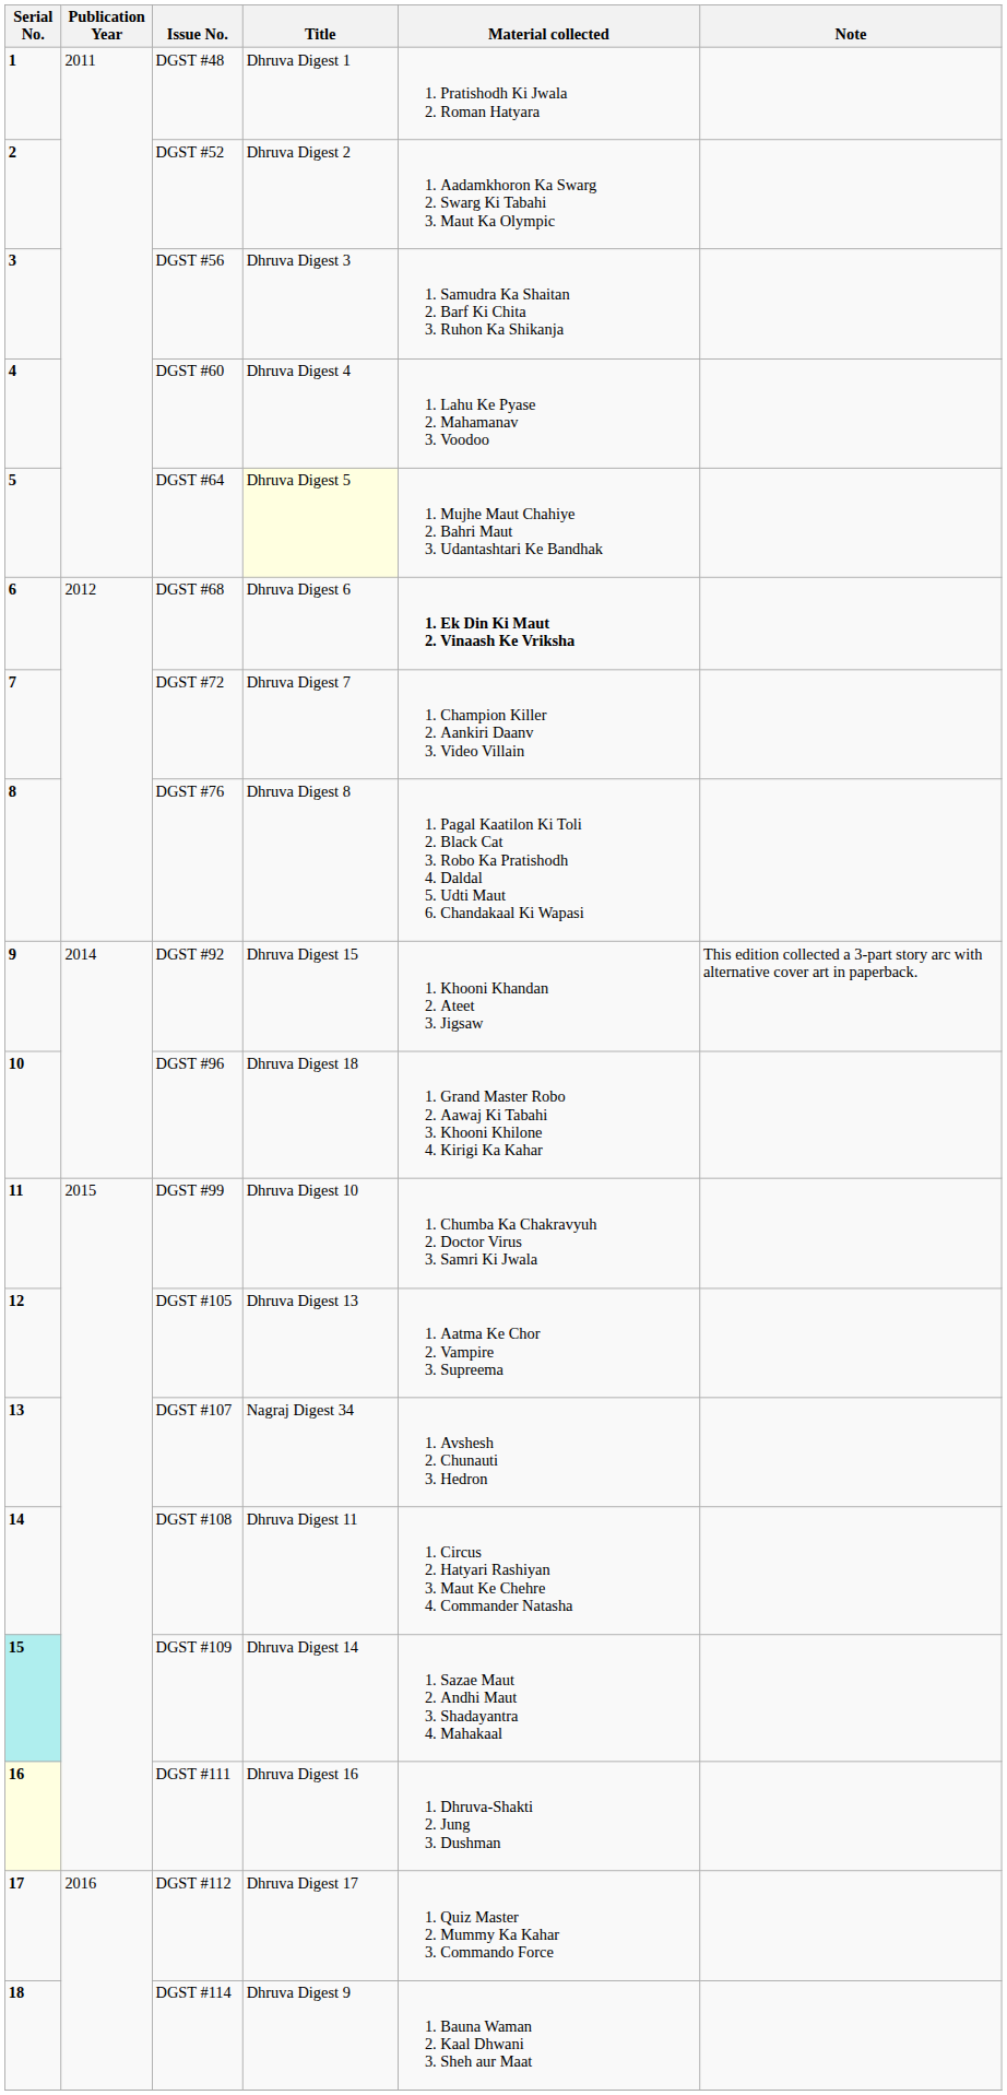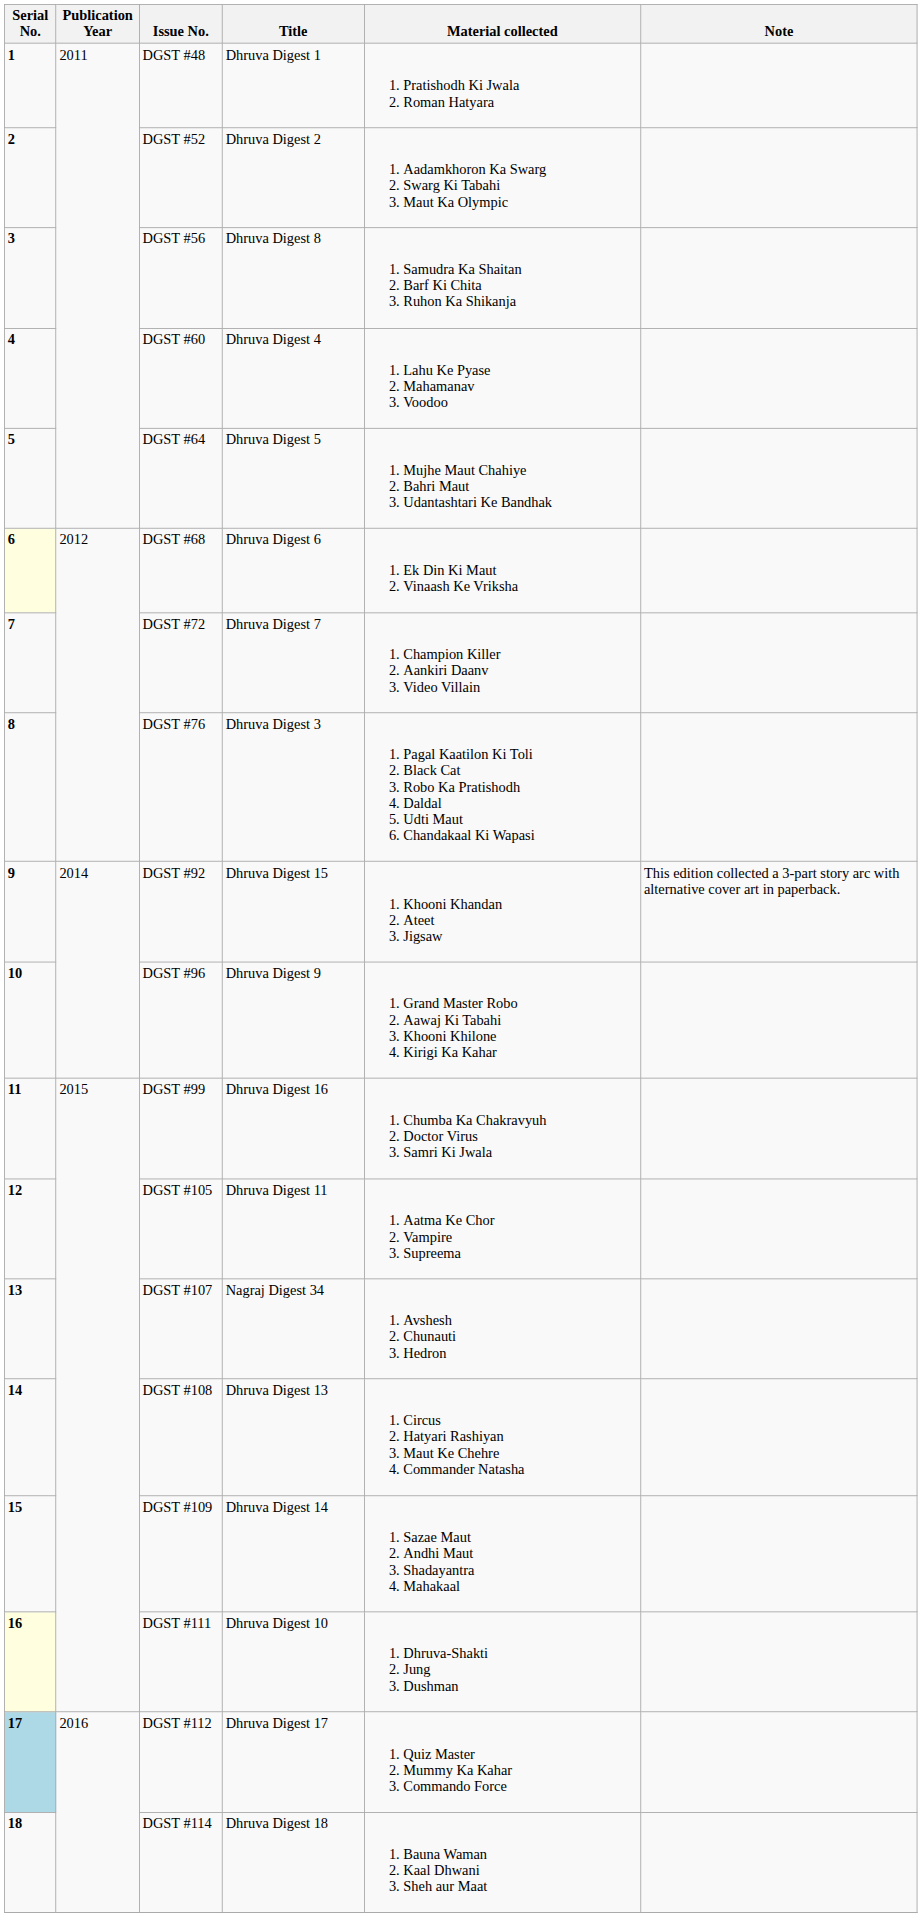 <table class="wikitable unsortable">
 <tr>
 <th style="vertical-align:bottom; width:50px;">Serial No.</th>
 <th style="vertical-align:bottom; width:85px;">Publication Year</th>
 <th style="vertical-align:bottom; width:85px;">Issue No.</th>
 <th style="vertical-align:bottom; width:150px;">Title</th>
 <th style="vertical-align:bottom; width:300px;">Material collected</th>
 <th style="vertical-align:bottom; width:300px;">Note</th>
 </tr>
 <tr style="vertical-align:top;">
 <td><strong>1</strong></td>
 <td rowspan=5>2011</td>
 <td>DGST #48</td>
 <td>Dhruva Digest 1</td>
 <td><br><ol><li>Pratishodh Ki Jwala</li><li>Roman Hatyara</li></ol></td>
 <td></td>
 </tr>
 <tr style="vertical-align:top;">
 <td><strong>2</strong></td>
 <td>DGST #52</td>
 <td>Dhruva Digest 2</td>
 <td><br><ol><li>Aadamkhoron Ka Swarg</li><li>Swarg Ki Tabahi</li><li>Maut Ka Olympic</li></ol></td>
 <td></td>
 </tr>
 <tr style="vertical-align:top;">
 <td><strong>3</strong></td>
 <td>DGST #56</td>
-<td>Dhruva Digest 3</td>
+<td>Dhruva Digest 8</td>
 <td><br><ol><li>Samudra Ka Shaitan</li><li>Barf Ki Chita</li><li>Ruhon Ka Shikanja</li></ol></td>
 <td></td>
 </tr>
 <tr style="vertical-align:top;">
 <td><strong>4</strong></td>
 <td>DGST #60</td>
 <td>Dhruva Digest 4</td>
 <td><br><ol><li>Lahu Ke Pyase</li><li>Mahamanav</li><li>Voodoo</li></ol></td>
 <td></td>
 </tr>
 <tr style="vertical-align:top;">
 <td><strong>5</strong></td>
 <td>DGST #64</td>
-<td style="background: lightyellow;">Dhruva Digest 5</td>
+<td>Dhruva Digest 5</td>
 <td><br><ol><li>Mujhe Maut Chahiye</li><li>Bahri Maut</li><li>Udantashtari Ke Bandhak</li></ol></td>
 <td></td>
 </tr>
 <tr style="vertical-align:top;">
-<td><strong>6</strong></td>
+<td style="background: lightyellow;"><strong>6</strong></td>
 <td rowspan=3>2012</td>
 <td>DGST #68</td>
 <td>Dhruva Digest 6</td>
-<td><strong><br><ol><li>Ek Din Ki Maut</li><li>Vinaash Ke Vriksha</li></ol></strong></td>
+<td><br><ol><li>Ek Din Ki Maut</li><li>Vinaash Ke Vriksha</li></ol></td>
 <td></td>
 </tr>
 <tr style="vertical-align:top;">
 <td><strong>7</strong></td>
 <td>DGST #72</td>
 <td>Dhruva Digest 7</td>
 <td><br><ol><li>Champion Killer</li><li>Aankiri Daanv</li><li>Video Villain</li></ol></td>
 <td></td>
 </tr>
 <tr style="vertical-align:top;">
 <td><strong>8</strong></td>
 <td>DGST #76</td>
-<td>Dhruva Digest 8</td>
+<td>Dhruva Digest 3</td>
 <td><br><ol><li>Pagal Kaatilon Ki Toli</li><li>Black Cat</li><li>Robo Ka Pratishodh</li><li>Daldal</li><li>Udti Maut</li><li>Chandakaal Ki Wapasi</li></ol></td>
 <td></td>
 </tr>
 <tr style="vertical-align:top;">
 <td><strong>9</strong></td>
 <td rowspan=2>2014</td>
 <td>DGST #92</td>
 <td>Dhruva Digest 15</td>
 <td><br><ol><li>Khooni Khandan</li><li>Ateet</li><li>Jigsaw</li></ol></td>
 <td>This edition collected a 3-part story arc with alternative cover art in paperback.</td>
 </tr>
 <tr style="vertical-align:top;">
 <td><strong>10</strong></td>
 <td>DGST #96</td>
-<td>Dhruva Digest 18</td>
+<td>Dhruva Digest 9</td>
 <td><br><ol><li>Grand Master Robo</li><li>Aawaj Ki Tabahi</li><li>Khooni Khilone</li><li>Kirigi Ka Kahar</li></ol></td>
 <td></td>
 </tr>
 <tr style="vertical-align:top;">
 <td><strong>11</strong></td>
 <td rowspan=6>2015</td>
 <td>DGST #99</td>
-<td>Dhruva Digest 10</td>
+<td>Dhruva Digest 16</td>
 <td><br><ol><li>Chumba Ka Chakravyuh</li><li>Doctor Virus</li><li>Samri Ki Jwala</li></ol></td>
 <td></td>
 </tr>
 <tr style="vertical-align:top;">
 <td><strong>12</strong></td>
 <td>DGST #105</td>
-<td>Dhruva Digest 13</td>
+<td>Dhruva Digest 11</td>
 <td><br><ol><li>Aatma Ke Chor</li><li>Vampire</li><li>Supreema</li></ol></td>
 <td></td>
 </tr>
 <tr style="vertical-align:top;">
 <td><strong>13</strong></td>
 <td>DGST #107</td>
 <td>Nagraj Digest 34</td>
 <td><br><ol><li>Avshesh</li><li>Chunauti</li><li>Hedron</li></ol></td>
 <td></td>
 </tr>
 <tr style="vertical-align:top;">
 <td><strong>14</strong></td>
 <td>DGST #108</td>
-<td>Dhruva Digest 11</td>
+<td>Dhruva Digest 13</td>
 <td><br><ol><li>Circus</li><li>Hatyari Rashiyan</li><li>Maut Ke Chehre</li><li>Commander Natasha</li></ol></td>
 <td></td>
 </tr>
 <tr style="vertical-align:top;">
-<td style="background: paleturquoise;"><strong>15</strong></td>
+<td><strong>15</strong></td>
 <td>DGST #109</td>
 <td>Dhruva Digest 14</td>
 <td><br><ol><li>Sazae Maut</li><li>Andhi Maut</li><li>Shadayantra</li><li>Mahakaal</li></ol></td>
 <td></td>
 </tr>
 <tr style="vertical-align:top;">
 <td style="background: lightyellow;"><strong>16</strong></td>
 <td>DGST #111</td>
-<td>Dhruva Digest 16</td>
+<td>Dhruva Digest 10</td>
 <td><br><ol><li>Dhruva-Shakti</li><li>Jung</li><li>Dushman</li></ol></td>
 <td></td>
 </tr>
 <tr style="vertical-align:top;">
-<td><strong>17</strong></td>
+<td style="background: lightblue;"><strong>17</strong></td>
 <td rowspan=2>2016</td>
 <td>DGST #112</td>
 <td>Dhruva Digest 17</td>
 <td><br><ol><li>Quiz Master</li><li>Mummy Ka Kahar</li><li>Commando Force</li></ol></td>
 <td></td>
 </tr>
 <tr style="vertical-align:top;">
 <td><strong>18</strong></td>
 <td>DGST #114</td>
-<td>Dhruva Digest 9</td>
+<td>Dhruva Digest 18</td>
 <td><br><ol><li>Bauna Waman</li><li>Kaal Dhwani</li><li>Sheh aur Maat</li></ol></td>
 <td></td>
 </tr>
 <tr style="vertical-align:top;">
 </tr>
 </table>
